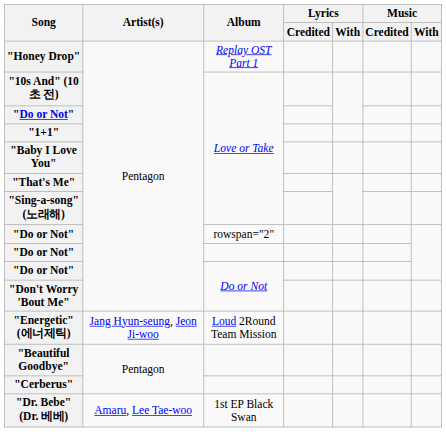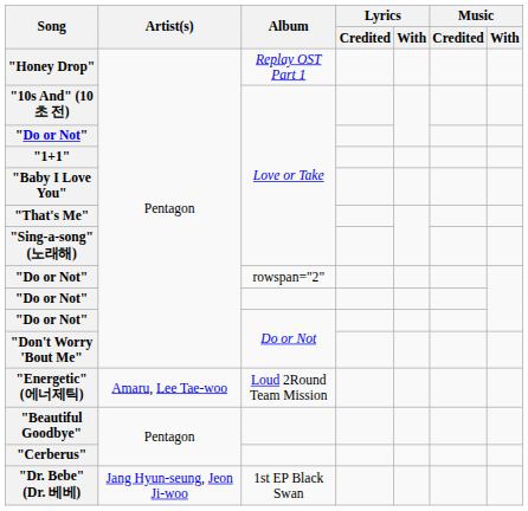 <table class="wikitable plainrowheaders" style="text-align:center">
 <tr>
 <th rowspan="2">Song</th>
 <th rowspan="2" style="width:10em;">Artist(s)</th>
 <th rowspan="2">Album</th>
 <th colspan="2">Lyrics</th>
 <th colspan="2">Music</th>
 </tr>
 <tr>
 <th>Credited</th>
 <th>With</th>
 <th>Credited</th>
 <th>With</th>
 </tr>
 <tr>
 <th scope="row">"Honey Drop"</th>
 <td rowspan="11">Pentagon</td>
 <td><em><a href='#'>Replay OST Part 1</a></em></td>
 <td></td>
 <td></td>
 <td></td>
 <td></td>
 </tr>
 <tr>
 <th scope="row">"10s And" (10초 전)</th>
 <td rowspan="6"><em><a href='#'>Love or Take</a></em></td>
 <td></td>
 <td rowspan="2"></td>
 <td></td>
 <td></td>
 </tr>
 <tr>
 <th scope="row">"<a href='#'>Do or Not</a>"</th>
 <td></td>
 <td></td>
 <td></td>
 </tr>
 <tr>
 <th scope="row">"1+1"</th>
 <td></td>
 <td></td>
 <td></td>
 <td></td>
 </tr>
 <tr>
 <th scope="row">"Baby I Love You"</th>
 <td></td>
 <td></td>
 <td></td>
 <td></td>
 </tr>
 <tr>
 <th scope="row">"That's Me"</th>
 <td></td>
 <td rowspan="2"></td>
 <td></td>
 <td></td>
 </tr>
 <tr>
 <th scope="row">"Sing-a-song" (노래해)</th>
 <td></td>
 <td></td>
 <td></td>
 </tr>
 <tr>
 <th scope="row">"Do or Not"<br></th>
 <td>rowspan="2" </td>
 <td></td>
 <td></td>
 <td></td>
 <td rowspan="3"></td>
 </tr>
 <tr>
 <th scope="row">"Do or Not"<br></th>
 <td></td>
 <td></td>
 <td></td>
 </tr>
 <tr>
 <th scope="row">"Do or Not"<br></th>
 <td rowspan="2"><em><a href='#'>Do or Not</a><strong><strong><em></td>
 <td></td>
 <td></td>
 <td></td>
 </tr>
 <tr>
 <th scope="row">"Don't Worry 'Bout Me"</th>
 <td></td>
 <td></td>
 <td></td>
 <td></td>
 </tr>
 <tr>
 <th scope="row">"Energetic" (에너제틱)</th>
-<td><a href='#'>Jang Hyun-seung</a>, <a href='#'>Jeon Ji-woo</a></td>
+<td><a href='#'>Amaru</a>, <a href='#'>Lee Tae-woo</a></td>
 <td></em><a href='#'>Loud</a> 2Round Team Mission<em></td>
 <td></td>
 <td></td>
 <td></td>
 <td></td>
 </tr>
 <tr>
 <th scope="row">"Beautiful Goodbye"<br></th>
 <td rowspan="2">Pentagon</td>
 <td></td>
 <td></td>
 <td></td>
 <td></td>
 <td></td>
 </tr>
 <tr>
 <th scope="row">"Cerberus"<br></th>
 <td></td>
 <td></td>
 <td></td>
 <td></td>
 <td></td>
 </tr>
 <tr>
 <th scope="row">"Dr. Bebe" (Dr. 베베)</th>
-<td><a href='#'>Amaru</a>, <a href='#'>Lee Tae-woo</a></td>
+<td><a href='#'>Jang Hyun-seung</a>, <a href='#'>Jeon Ji-woo</a></td>
 <td></em><em> </em>1st EP Black Swan<em></td>
 <td></td>
 <td></td>
 <td></td>
 <td></td>
 </tr>
 </table>
